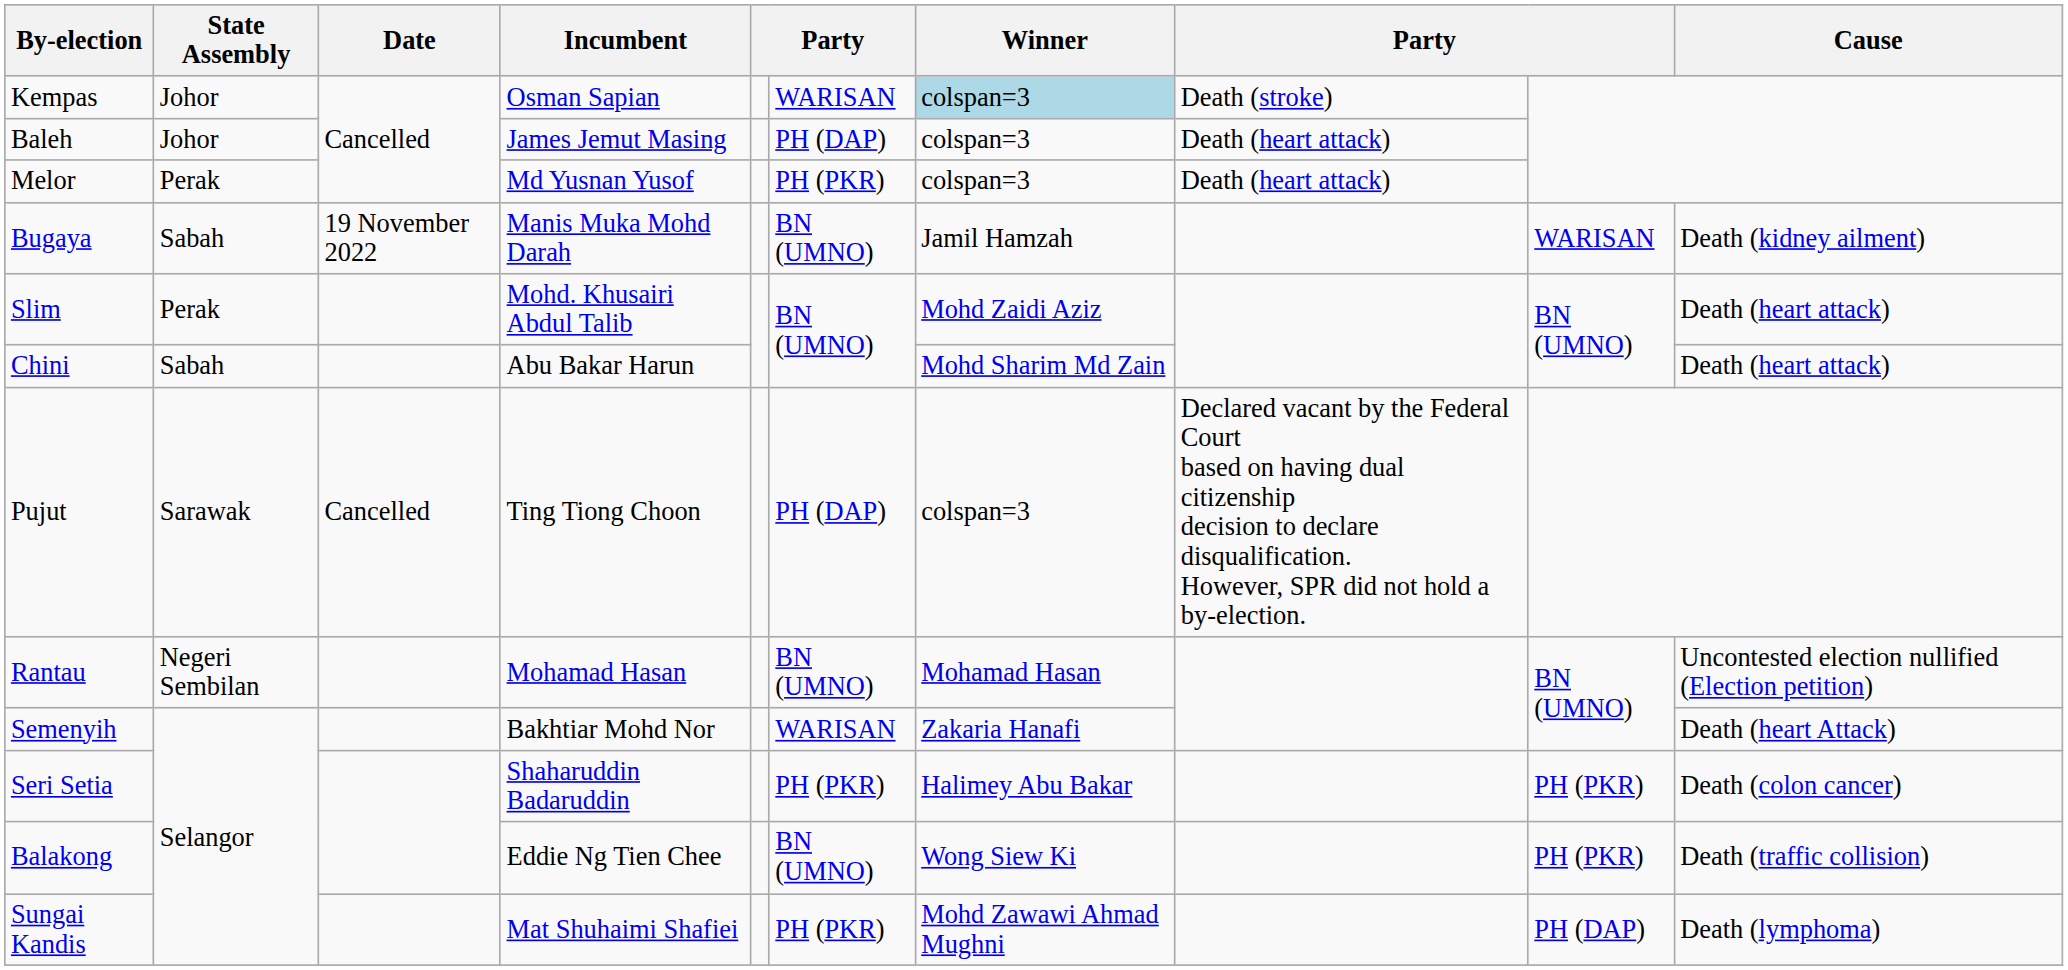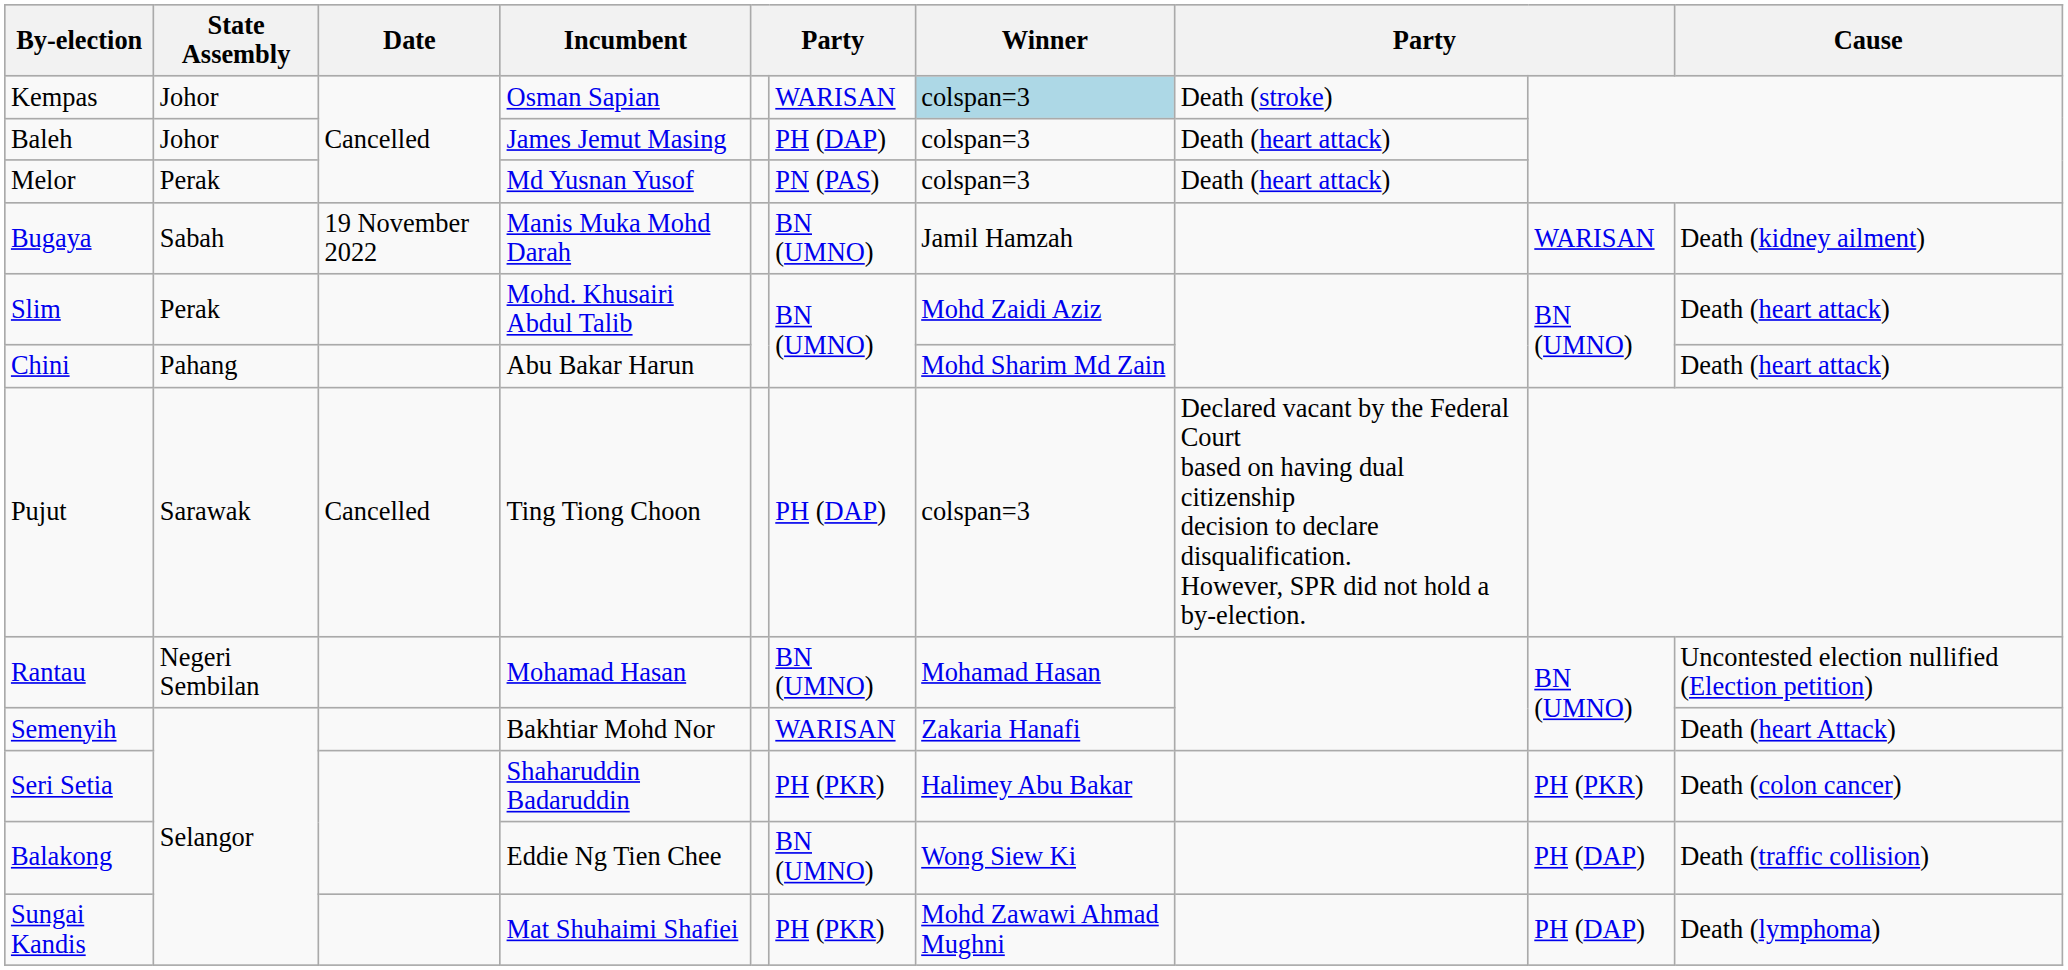 <table class="wikitable">
 <tr>
 <th>By-election</th>
 <th>State Assembly</th>
 <th>Date</th>
 <th>Incumbent</th>
 <th colspan=2>Party</th>
 <th>Winner</th>
 <th colspan=2>Party</th>
 <th>Cause</th>
 </tr>
 <tr>
 <td>Kempas</td>
 <td>Johor</td>
 <td rowspan="3">Cancelled</td>
 <td><a href='#'>Osman Sapian</a></td>
 <td></td>
 <td><a href='#'>WARISAN</a></td>
 <td style="background: lightblue;">colspan=3 </td>
 <td>Death (<a href='#'>stroke</a>)</td>
 </tr>
 <tr>
 <td>Baleh</td>
 <td>Johor</td>
 <td><a href='#'>James Jemut Masing</a></td>
 <td></td>
 <td><a href='#'>PH</a> (<a href='#'>DAP</a>)</td>
 <td>colspan=3 </td>
 <td>Death (<a href='#'>heart attack</a>)</td>
 </tr>
 <tr>
 <td>Melor</td>
 <td>Perak</td>
 <td><a href='#'>Md Yusnan Yusof</a></td>
 <td></td>
-<td><a href='#'>PH</a> (<a href='#'>PKR</a>)</td>
+<td><a href='#'>PN</a> (<a href='#'>PAS</a>)</td>
 <td>colspan=3 </td>
 <td>Death (<a href='#'>heart attack</a>)</td>
 </tr>
 <tr>
 <td><a href='#'>Bugaya</a></td>
 <td>Sabah</td>
 <td>19 November 2022</td>
 <td><a href='#'>Manis Muka Mohd Darah</a></td>
 <td> </td>
 <td><a href='#'>BN</a> (<a href='#'>UMNO</a>)</td>
 <td>Jamil Hamzah</td>
 <td> </td>
 <td><a href='#'>WARISAN</a></td>
 <td>Death (<a href='#'>kidney ailment</a>)</td>
 </tr>
 <tr>
 <td><a href='#'>Slim</a></td>
 <td>Perak</td>
 <td></td>
 <td><a href='#'>Mohd. Khusairi Abdul Talib</a></td>
 <td rowspan="2" > </td>
 <td rowspan="2"><a href='#'>BN</a> (<a href='#'>UMNO</a>)</td>
 <td><a href='#'>Mohd Zaidi Aziz</a></td>
 <td rowspan="2" > </td>
 <td rowspan="2"><a href='#'>BN</a> (<a href='#'>UMNO</a>)</td>
 <td>Death (<a href='#'>heart attack</a>)</td>
 </tr>
 <tr>
 <td><a href='#'>Chini</a></td>
-<td>Sabah</td>
+<td>Pahang</td>
 <td></td>
 <td>Abu Bakar Harun</td>
 <td><a href='#'>Mohd Sharim Md Zain</a></td>
 <td>Death (<a href='#'>heart attack</a>)</td>
 </tr>
 <tr>
 <td>Pujut</td>
 <td>Sarawak</td>
 <td>Cancelled</td>
 <td>Ting Tiong Choon</td>
 <td> </td>
 <td><a href='#'>PH</a> (<a href='#'>DAP</a>)</td>
 <td>colspan=3 </td>
 <td>Declared vacant by the Federal Court<br> based on having dual citizenship<br> decision to declare disqualification.<br> However, SPR did not hold a by-election.</td>
 </tr>
 <tr>
 <td><a href='#'>Rantau</a></td>
 <td>Negeri Sembilan</td>
 <td></td>
 <td><a href='#'>Mohamad Hasan</a></td>
 <td> </td>
 <td><a href='#'>BN</a> (<a href='#'>UMNO</a>)</td>
 <td><a href='#'>Mohamad Hasan</a></td>
 <td rowspan="2" > </td>
 <td rowspan="2"><a href='#'>BN</a> (<a href='#'>UMNO</a>)</td>
 <td>Uncontested election nullified (<a href='#'>Election petition</a>)</td>
 </tr>
 <tr>
 <td><a href='#'>Semenyih</a></td>
 <td rowspan="4">Selangor</td>
 <td></td>
 <td>Bakhtiar Mohd Nor</td>
 <td> </td>
 <td><a href='#'>WARISAN</a></td>
 <td><a href='#'>Zakaria Hanafi</a></td>
 <td>Death (<a href='#'>heart Attack</a>)</td>
 </tr>
 <tr>
 <td><a href='#'>Seri Setia</a></td>
 <td rowspan="2"></td>
 <td><a href='#'>Shaharuddin Badaruddin</a></td>
 <td> </td>
 <td><a href='#'>PH</a> (<a href='#'>PKR</a>)</td>
 <td><a href='#'>Halimey Abu Bakar</a></td>
 <td> </td>
 <td><a href='#'>PH</a> (<a href='#'>PKR</a>)</td>
 <td>Death (<a href='#'>colon cancer</a>)</td>
 </tr>
 <tr>
 <td><a href='#'>Balakong</a></td>
 <td>Eddie Ng Tien Chee</td>
 <td> </td>
 <td><a href='#'>BN</a> (<a href='#'>UMNO</a>)</td>
 <td><a href='#'>Wong Siew Ki</a></td>
 <td> </td>
-<td><a href='#'>PH</a> (<a href='#'>PKR</a>)</td>
+<td><a href='#'>PH</a> (<a href='#'>DAP</a>)</td>
 <td>Death (<a href='#'>traffic collision</a>)</td>
 </tr>
 <tr>
 <td><a href='#'>Sungai Kandis</a></td>
 <td></td>
 <td><a href='#'>Mat Shuhaimi Shafiei</a></td>
 <td> </td>
 <td><a href='#'>PH</a> (<a href='#'>PKR</a>)</td>
 <td><a href='#'>Mohd Zawawi Ahmad Mughni</a></td>
 <td> </td>
 <td><a href='#'>PH</a> (<a href='#'>DAP</a>)</td>
 <td>Death (<a href='#'>lymphoma</a>)</td>
 </tr>
 </table>
